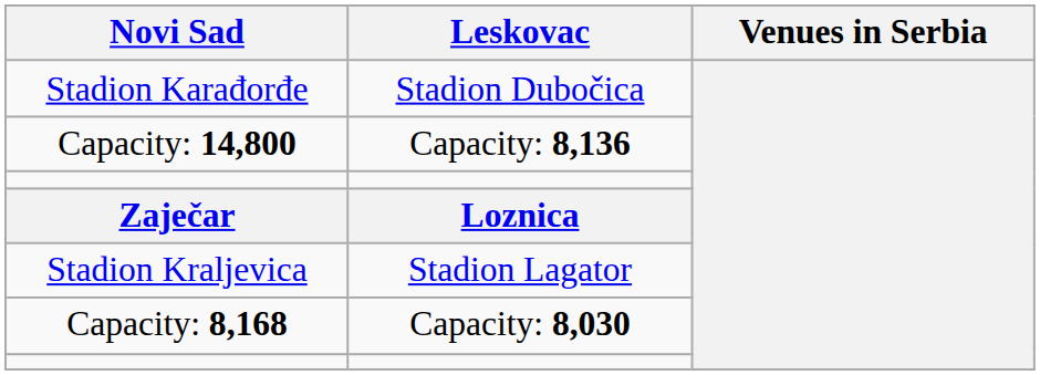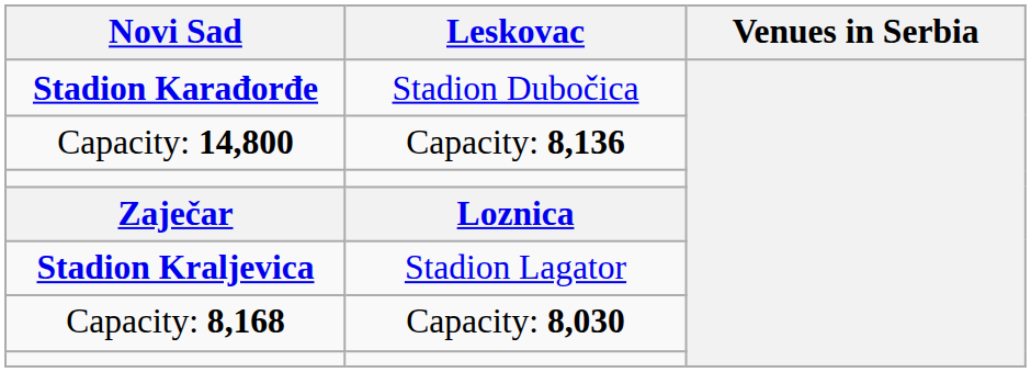 <table class="wikitable" style="text-align: center;">
 <tr>
 <th><a href='#'>Novi Sad</a></th>
 <th><a href='#'>Leskovac</a></th>
 <th>Venues in Serbia</th>
 </tr>
 <tr>
-<td width=150px><a href='#'>Stadion Karađorđe</a></td>
+<td width=150px><strong><a href='#'>Stadion Karađorđe</a></strong></td>
 <td width=150px><a href='#'>Stadion Dubočica</a></td>
 <th rowspan="7" width="150px"></th>
 </tr>
 <tr>
 <td>Capacity: <strong>14,800</strong></td>
 <td>Capacity: <strong>8,136</strong></td>
 </tr>
 <tr>
 <td></td>
 <td></td>
 </tr>
 <tr>
 <th><a href='#'>Zaječar</a></th>
 <th><a href='#'>Loznica</a></th>
 </tr>
 <tr>
-<td><a href='#'>Stadion Kraljevica</a></td>
+<td><strong><a href='#'>Stadion Kraljevica</a></strong></td>
 <td><a href='#'>Stadion Lagator</a></td>
 </tr>
 <tr>
 <td>Capacity: <strong>8,168</strong></td>
 <td>Capacity: <strong>8,030</strong></td>
 </tr>
 <tr>
 <td></td>
 <td></td>
 </tr>
 </table>
